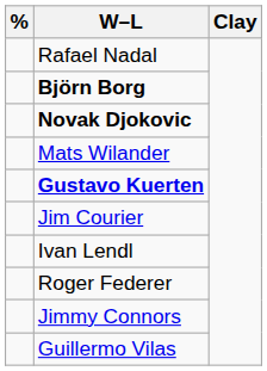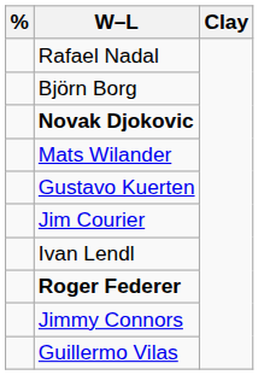 <table class="wikitable" style="display:inline-table;">
 <tr>
 <th>%</th>
 <th>W–L</th>
 <th>Clay</th>
 </tr>
 <tr>
 <td></td>
 <td> Rafael Nadal</td>
 </tr>
 <tr>
 <td></td>
-<td><strong> Björn Borg</strong></td>
+<td> Björn Borg</td>
 </tr>
 <tr>
 <td></td>
 <td><strong> Novak Djokovic</strong></td>
 </tr>
 <tr>
 <td></td>
 <td> <a href='#'>Mats Wilander</a></td>
 </tr>
 <tr>
 <td></td>
-<td><strong> <a href='#'>Gustavo Kuerten</a></strong></td>
+<td> <a href='#'>Gustavo Kuerten</a></td>
 </tr>
 <tr>
 <td></td>
 <td> <a href='#'>Jim Courier</a></td>
 </tr>
 <tr>
 <td></td>
 <td> Ivan Lendl</td>
 </tr>
 <tr>
 <td></td>
-<td> Roger Federer</td>
+<td><strong> Roger Federer</strong></td>
 </tr>
 <tr>
 <td></td>
 <td> <a href='#'>Jimmy Connors</a></td>
 </tr>
 <tr>
 <td></td>
 <td> <a href='#'>Guillermo Vilas</a><br></td>
 </tr>
 </table>
